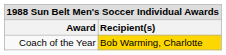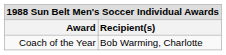 <table class="wikitable" style="white-space:nowrap; font-size:90%;">
 <tr>
 <td colspan="7" style="text-align:center; background:#ddd;"><strong>1988 Sun Belt  Men's Soccer Individual Awards</strong></td>
 </tr>
 <tr>
 <th style="text-align:right;">Award</th>
 <th style="text-align:left;">Recipient(s)</th>
 </tr>
 <tr>
 <td style="text-align:right;">Coach of the Year</td>
-<td style="background: gold; text-align:left;">Bob Warming, Charlotte</td>
+<td style="text-align:left;">Bob Warming, Charlotte</td>
 </tr>
 </table>
